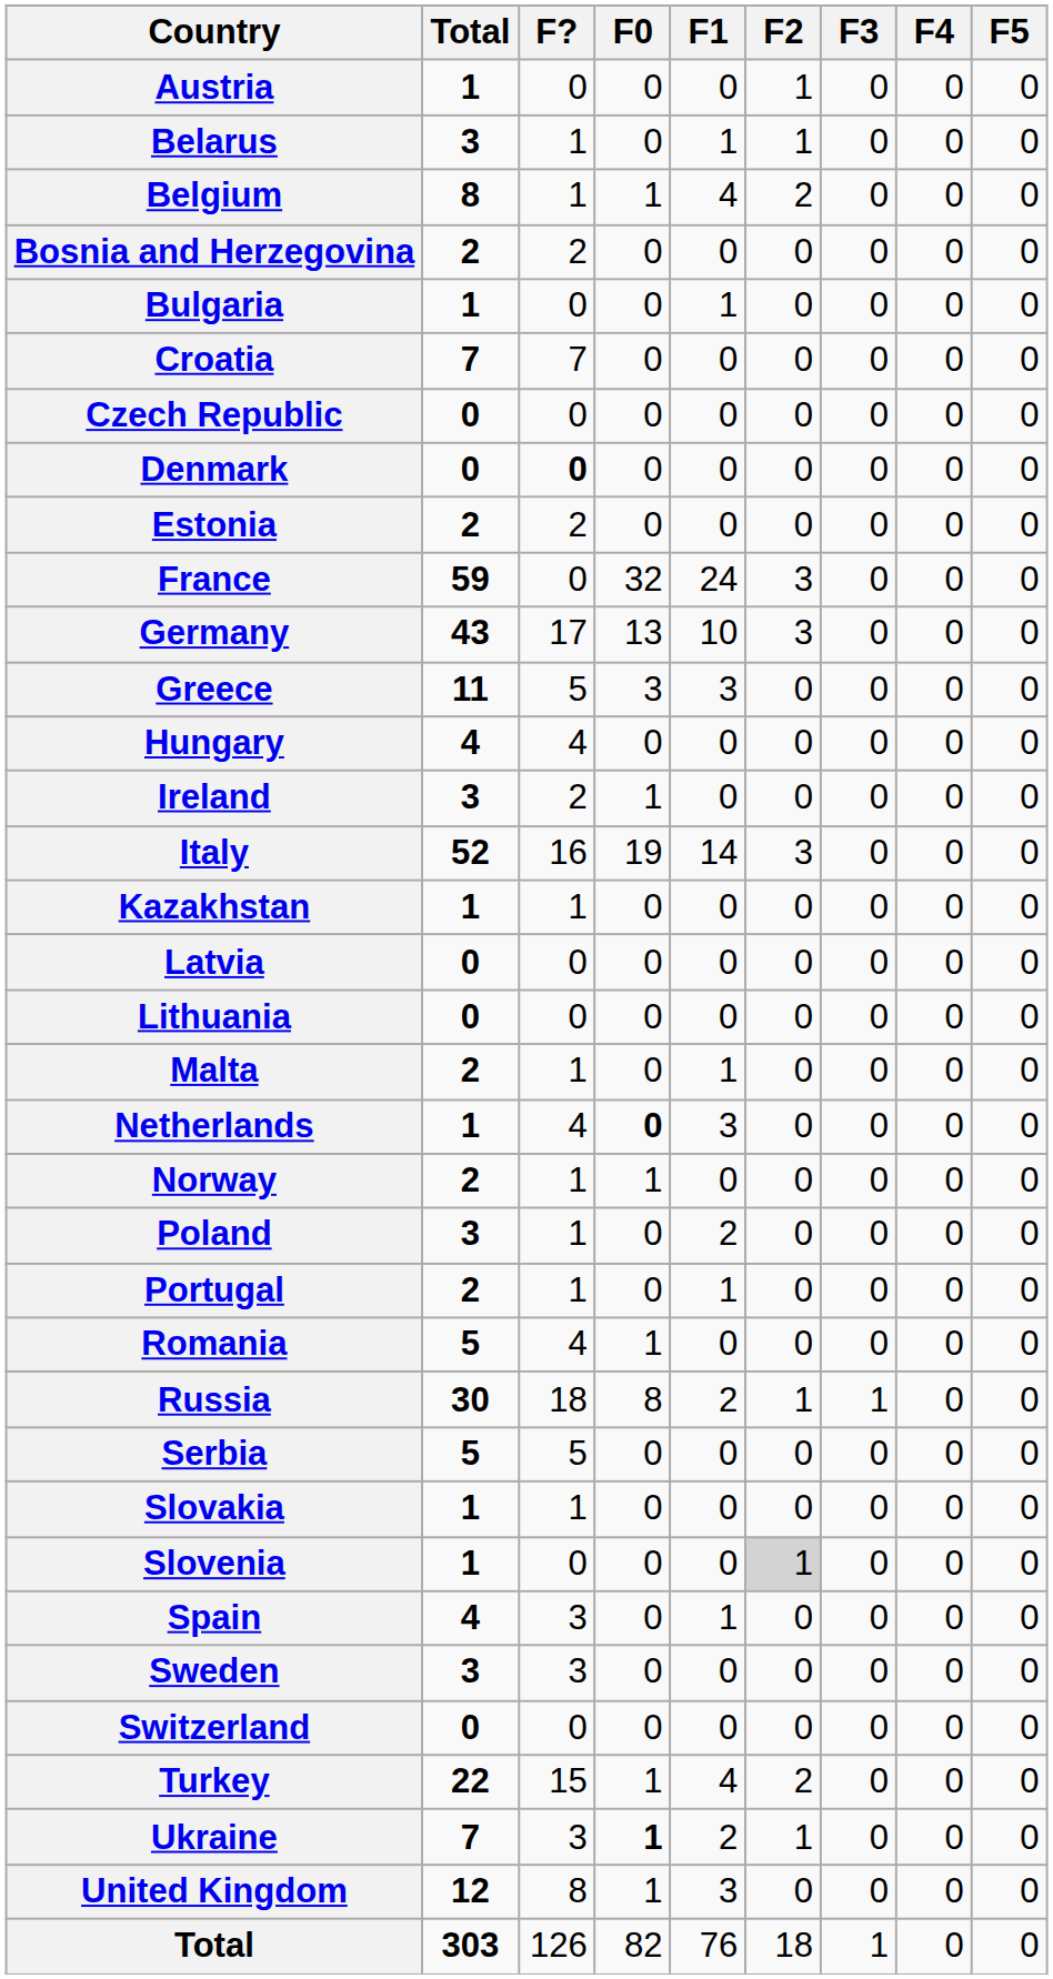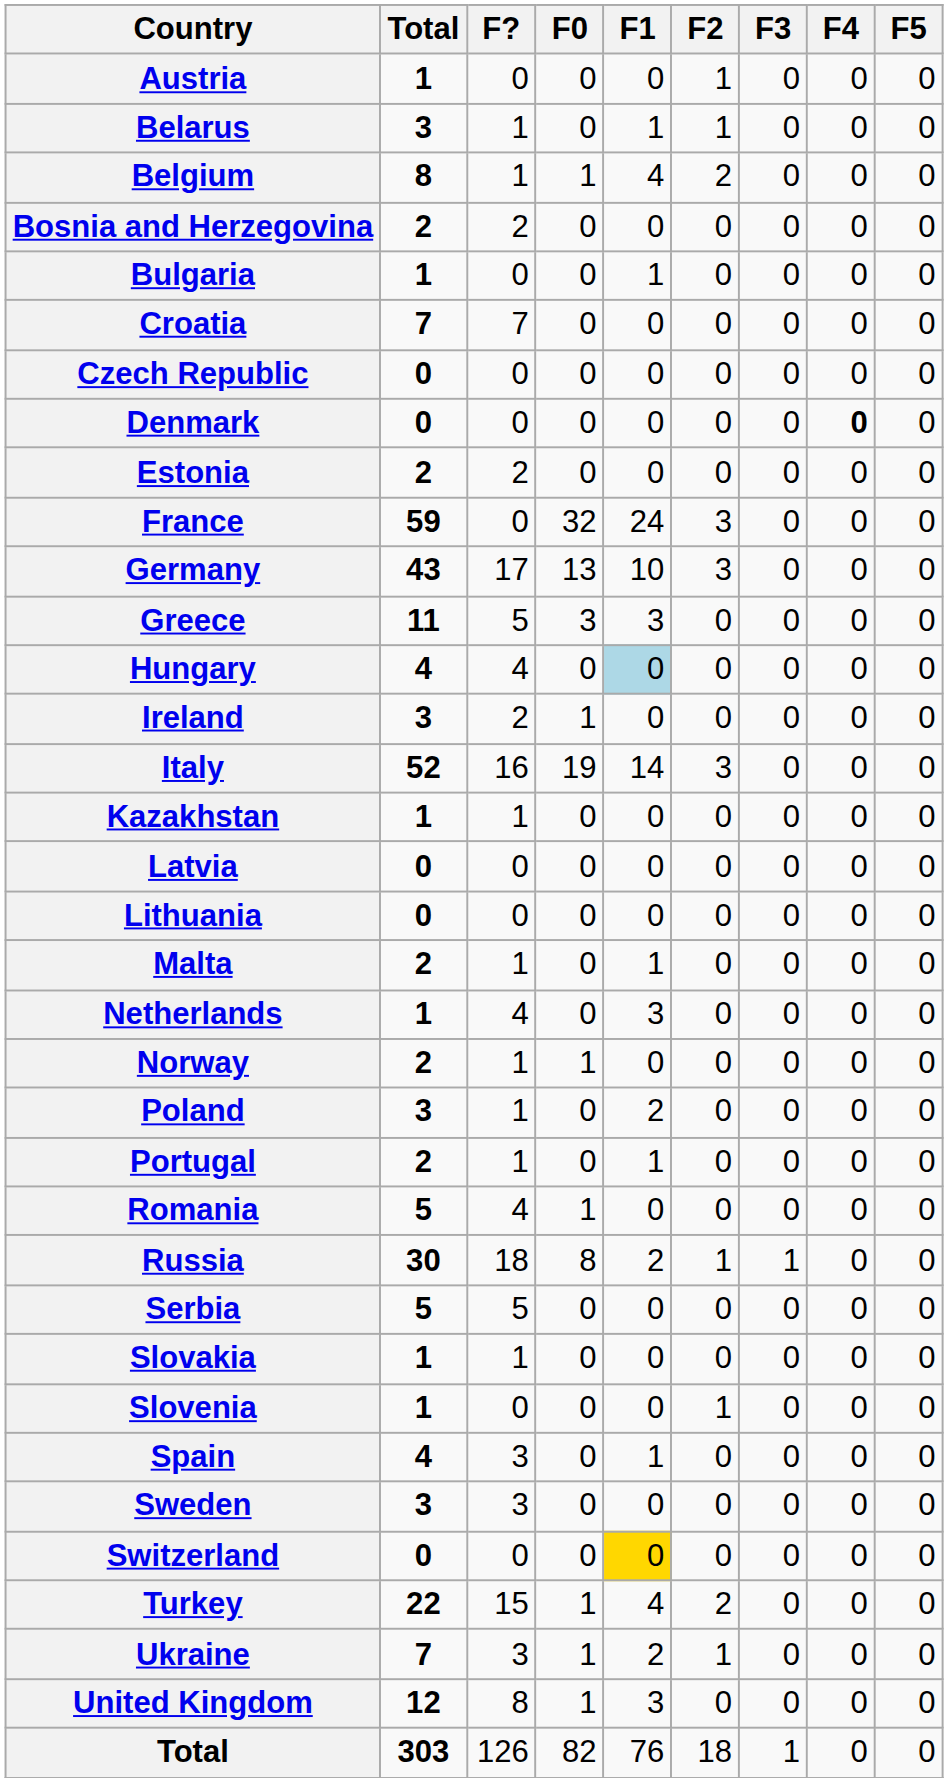 <table class="wikitable" style="margin:0.5em auto">
 <tr>
 <th>Country</th>
 <th style="background:#">Total</th>
 <th style="background:#"> F? </th>
 <th style="background:#"> F0 </th>
 <th style="background:#"> F1 </th>
 <th style="background:#"> F2 </th>
 <th style="background:#"> F3 </th>
 <th style="background:#"> F4 </th>
 <th style="background:#"> F5 </th>
 </tr>
 <tr>
 <th><a href='#'>Austria</a></th>
 <td align="center"><strong>1</strong></td>
 <td align="right">0</td>
 <td align="right">0</td>
 <td align="right">0</td>
 <td align="right">1</td>
 <td align="right">0</td>
 <td align="right">0</td>
 <td align="right">0</td>
 </tr>
 <tr>
 <th><a href='#'>Belarus</a></th>
 <td align="center"><strong>3</strong></td>
 <td align="right">1</td>
 <td align="right">0</td>
 <td align="right">1</td>
 <td align="right">1</td>
 <td align="right">0</td>
 <td align="right">0</td>
 <td align="right">0</td>
 </tr>
 <tr>
 <th><a href='#'>Belgium</a></th>
 <td align="center"><strong>8</strong></td>
 <td align="right">1</td>
 <td align="right">1</td>
 <td align="right">4</td>
 <td align="right">2</td>
 <td align="right">0</td>
 <td align="right">0</td>
 <td align="right">0</td>
 </tr>
 <tr>
 <th><a href='#'>Bosnia and Herzegovina</a></th>
 <td align="center"><strong>2</strong></td>
 <td align="right">2</td>
 <td align="right">0</td>
 <td align="right">0</td>
 <td align="right">0</td>
 <td align="right">0</td>
 <td align="right">0</td>
 <td align="right">0</td>
 </tr>
 <tr>
 <th><a href='#'>Bulgaria</a></th>
 <td align="center"><strong>1</strong></td>
 <td align="right">0</td>
 <td align="right">0</td>
 <td align="right">1</td>
 <td align="right">0</td>
 <td align="right">0</td>
 <td align="right">0</td>
 <td align="right">0</td>
 </tr>
 <tr>
 <th><a href='#'>Croatia</a></th>
 <td align="center"><strong>7</strong></td>
 <td align="right">7</td>
 <td align="right">0</td>
 <td align="right">0</td>
 <td align="right">0</td>
 <td align="right">0</td>
 <td align="right">0</td>
 <td align="right">0</td>
 </tr>
 <tr>
 <th><a href='#'>Czech Republic</a></th>
 <td align="center"><strong>0</strong></td>
 <td align="right">0</td>
 <td align="right">0</td>
 <td align="right">0</td>
 <td align="right">0</td>
 <td align="right">0</td>
 <td align="right">0</td>
 <td align="right">0</td>
 </tr>
 <tr>
 <th><a href='#'>Denmark</a></th>
 <td align="center"><strong>0</strong></td>
-<td align="right"><strong>0</strong></td>
 <td align="right">0</td>
 <td align="right">0</td>
 <td align="right">0</td>
 <td align="right">0</td>
 <td align="right">0</td>
+<td align="right"><strong>0</strong></td>
 <td align="right">0</td>
 </tr>
 <tr>
 <th><a href='#'>Estonia</a></th>
 <td align="center"><strong>2</strong></td>
 <td align="right">2</td>
 <td align="right">0</td>
 <td align="right">0</td>
 <td align="right">0</td>
 <td align="right">0</td>
 <td align="right">0</td>
 <td align="right">0</td>
 </tr>
 <tr>
 <th><a href='#'>France</a></th>
 <td align="center"><strong>59</strong></td>
 <td align="right">0</td>
 <td align="right">32</td>
 <td align="right">24</td>
 <td align="right">3</td>
 <td align="right">0</td>
 <td align="right">0</td>
 <td align="right">0</td>
 </tr>
 <tr>
 <th><a href='#'>Germany</a></th>
 <td align="center"><strong>43</strong></td>
 <td align="right">17</td>
 <td align="right">13</td>
 <td align="right">10</td>
 <td align="right">3</td>
 <td align="right">0</td>
 <td align="right">0</td>
 <td align="right">0</td>
 </tr>
 <tr>
 <th><a href='#'>Greece</a></th>
 <td align="center"><strong>11</strong></td>
 <td align="right">5</td>
 <td align="right">3</td>
 <td align="right">3</td>
 <td align="right">0</td>
 <td align="right">0</td>
 <td align="right">0</td>
 <td align="right">0</td>
 </tr>
 <tr>
 <th><a href='#'>Hungary</a></th>
 <td align="center"><strong>4</strong></td>
 <td align="right">4</td>
 <td align="right">0</td>
-<td align="right">0</td>
+<td align="right" style="background: lightblue;">0</td>
 <td align="right">0</td>
 <td align="right">0</td>
 <td align="right">0</td>
 <td align="right">0</td>
 </tr>
 <tr>
 <th><a href='#'>Ireland</a></th>
 <td align="center"><strong>3</strong></td>
 <td align="right">2</td>
 <td align="right">1</td>
 <td align="right">0</td>
 <td align="right">0</td>
 <td align="right">0</td>
 <td align="right">0</td>
 <td align="right">0</td>
 </tr>
 <tr>
 <th><a href='#'>Italy</a></th>
 <td align="center"><strong>52</strong></td>
 <td align="right">16</td>
 <td align="right">19</td>
 <td align="right">14</td>
 <td align="right">3</td>
 <td align="right">0</td>
 <td align="right">0</td>
 <td align="right">0</td>
 </tr>
 <tr>
 <th><a href='#'>Kazakhstan</a></th>
 <td align="center"><strong>1</strong></td>
 <td align="right">1</td>
 <td align="right">0</td>
 <td align="right">0</td>
 <td align="right">0</td>
 <td align="right">0</td>
 <td align="right">0</td>
 <td align="right">0</td>
 </tr>
 <tr>
 <th><a href='#'>Latvia</a></th>
 <td align="center"><strong>0</strong></td>
 <td align="right">0</td>
 <td align="right">0</td>
 <td align="right">0</td>
 <td align="right">0</td>
 <td align="right">0</td>
 <td align="right">0</td>
 <td align="right">0</td>
 </tr>
 <tr>
 <th><a href='#'>Lithuania</a></th>
 <td align="center"><strong>0</strong></td>
 <td align="right">0</td>
 <td align="right">0</td>
 <td align="right">0</td>
 <td align="right">0</td>
 <td align="right">0</td>
 <td align="right">0</td>
 <td align="right">0</td>
 </tr>
 <tr>
 <th><a href='#'>Malta</a></th>
 <td align="center"><strong>2</strong></td>
 <td align="right">1</td>
 <td align="right">0</td>
 <td align="right">1</td>
 <td align="right">0</td>
 <td align="right">0</td>
 <td align="right">0</td>
 <td align="right">0</td>
 </tr>
 <tr>
 <th><a href='#'>Netherlands</a></th>
 <td align="center"><strong>1</strong></td>
 <td align="right">4</td>
-<td align="right"><strong>0</strong></td>
+<td align="right">0</td>
 <td align="right">3</td>
 <td align="right">0</td>
 <td align="right">0</td>
 <td align="right">0</td>
 <td align="right">0</td>
 </tr>
 <tr>
 <th><a href='#'>Norway</a></th>
 <td align="center"><strong>2</strong></td>
 <td align="right">1</td>
 <td align="right">1</td>
 <td align="right">0</td>
 <td align="right">0</td>
 <td align="right">0</td>
 <td align="right">0</td>
 <td align="right">0</td>
 </tr>
 <tr>
 <th><a href='#'>Poland</a></th>
 <td align="center"><strong>3</strong></td>
 <td align="right">1</td>
 <td align="right">0</td>
 <td align="right">2</td>
 <td align="right">0</td>
 <td align="right">0</td>
 <td align="right">0</td>
 <td align="right">0</td>
 </tr>
 <tr>
 <th><a href='#'>Portugal</a></th>
 <td align="center"><strong>2</strong></td>
 <td align="right">1</td>
 <td align="right">0</td>
 <td align="right">1</td>
 <td align="right">0</td>
 <td align="right">0</td>
 <td align="right">0</td>
 <td align="right">0</td>
 </tr>
 <tr>
 <th><a href='#'>Romania</a></th>
 <td align="center"><strong>5</strong></td>
 <td align="right">4</td>
 <td align="right">1</td>
 <td align="right">0</td>
 <td align="right">0</td>
 <td align="right">0</td>
 <td align="right">0</td>
 <td align="right">0</td>
 </tr>
 <tr>
 <th><a href='#'>Russia</a></th>
 <td align="center"><strong>30</strong></td>
 <td align="right">18</td>
 <td align="right">8</td>
 <td align="right">2</td>
 <td align="right">1</td>
 <td align="right">1</td>
 <td align="right">0</td>
 <td align="right">0</td>
 </tr>
 <tr>
 <th><a href='#'>Serbia</a></th>
 <td align="center"><strong>5</strong></td>
 <td align="right">5</td>
 <td align="right">0</td>
 <td align="right">0</td>
 <td align="right">0</td>
 <td align="right">0</td>
 <td align="right">0</td>
 <td align="right">0</td>
 </tr>
 <tr>
 <th><a href='#'>Slovakia</a></th>
 <td align="center"><strong>1</strong></td>
 <td align="right">1</td>
 <td align="right">0</td>
 <td align="right">0</td>
 <td align="right">0</td>
 <td align="right">0</td>
 <td align="right">0</td>
 <td align="right">0</td>
 </tr>
 <tr>
 <th><a href='#'>Slovenia</a></th>
 <td align="center"><strong>1</strong></td>
 <td align="right">0</td>
 <td align="right">0</td>
 <td align="right">0</td>
-<td align="right" style="background: lightgrey;">1</td>
+<td align="right">1</td>
 <td align="right">0</td>
 <td align="right">0</td>
 <td align="right">0</td>
 </tr>
 <tr>
 <th><a href='#'>Spain</a></th>
 <td align="center"><strong>4</strong></td>
 <td align="right">3</td>
 <td align="right">0</td>
 <td align="right">1</td>
 <td align="right">0</td>
 <td align="right">0</td>
 <td align="right">0</td>
 <td align="right">0</td>
 </tr>
 <tr>
 <th><a href='#'>Sweden</a></th>
 <td align="center"><strong>3</strong></td>
 <td align="right">3</td>
 <td align="right">0</td>
 <td align="right">0</td>
 <td align="right">0</td>
 <td align="right">0</td>
 <td align="right">0</td>
 <td align="right">0</td>
 </tr>
 <tr>
 <th><a href='#'>Switzerland</a></th>
 <td align="center"><strong>0</strong></td>
 <td align="right">0</td>
 <td align="right">0</td>
-<td align="right">0</td>
+<td align="right" style="background: gold;">0</td>
 <td align="right">0</td>
 <td align="right">0</td>
 <td align="right">0</td>
 <td align="right">0</td>
 </tr>
 <tr>
 <th><a href='#'>Turkey</a></th>
 <td align="center"><strong>22</strong></td>
 <td align="right">15</td>
 <td align="right">1</td>
 <td align="right">4</td>
 <td align="right">2</td>
 <td align="right">0</td>
 <td align="right">0</td>
 <td align="right">0</td>
 </tr>
 <tr>
 <th><a href='#'>Ukraine</a></th>
 <td align="center"><strong>7</strong></td>
 <td align="right">3</td>
-<td align="right"><strong>1</strong></td>
+<td align="right">1</td>
 <td align="right">2</td>
 <td align="right">1</td>
 <td align="right">0</td>
 <td align="right">0</td>
 <td align="right">0</td>
 </tr>
 <tr>
 <th><a href='#'>United Kingdom</a></th>
 <td align="center"><strong>12</strong></td>
 <td align="right">8</td>
 <td align="right">1</td>
 <td align="right">3</td>
 <td align="right">0</td>
 <td align="right">0</td>
 <td align="right">0</td>
 <td align="right">0</td>
 </tr>
 <tr>
 <th>Total</th>
 <td align="center"><strong>303</strong></td>
 <td align="right">126</td>
 <td align="right">82</td>
 <td align="right">76</td>
 <td align="right">18</td>
 <td align="right">1</td>
 <td align="right">0</td>
 <td align="right">0</td>
 </tr>
 <tr>
 </tr>
 </table>
